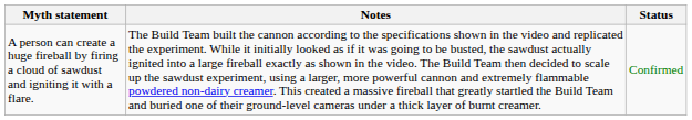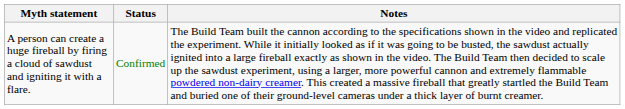 <table class="wikitable plainrowheaders">
 <tr>
 <th>Myth statement</th>
+<th>Status</th>
 <th>Notes</th>
-<th>Status</th>
 </tr>
 <tr>
 <td>A person can create a huge fireball by firing a cloud of sawdust and igniting it with a flare.</td>
+<td style="color:green">Confirmed</td>
 <td>The Build Team built the cannon according to the specifications shown in the video and replicated the experiment. While it initially looked as if it was going to be busted, the sawdust actually ignited into a large fireball exactly as shown in the video. The Build Team then decided to scale up the sawdust experiment, using a larger, more powerful cannon and extremely flammable <a href='#'>powdered non-dairy creamer</a>. This created a massive fireball that greatly startled the Build Team and buried one of their ground-level cameras under a thick layer of burnt creamer.</td>
-<td style="color:green">Confirmed</td>
 </tr>
 </table>
